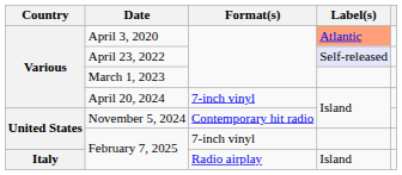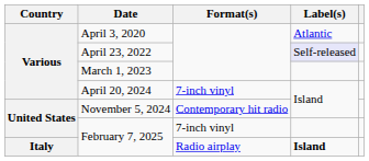 <table class="wikitable plainrowheaders">
 <tr>
 <th scope="col">Country</th>
 <th scope="col">Date</th>
 <th scope="col">Format(s)</th>
 <th scope="col">Label(s)</th>
 <th scope="col"></th>
 </tr>
 <tr>
 <th rowspan="4" scope="row">Various</th>
 <td>April 3, 2020</td>
 <td rowspan="3"></td>
-<td style="background: lightsalmon;"><a href='#'>Atlantic</a></td>
+<td><a href='#'>Atlantic</a></td>
 <td style="text-align:center;"></td>
 </tr>
 <tr>
 <td>April 23, 2022</td>
 <td style="background: lavender;">Self-released</td>
 <td></td>
 </tr>
 <tr>
 <td>March 1, 2023</td>
 <td></td>
 <td></td>
 </tr>
 <tr>
 <td>April 20, 2024</td>
 <td><a href='#'>7-inch vinyl</a></td>
 <td rowspan="2">Island</td>
 <td style="text-align:center;"></td>
 </tr>
 <tr>
 <th scope="row" rowspan="2">United States</th>
 <td>November 5, 2024</td>
 <td><a href='#'>Contemporary hit radio</a></td>
 <td style="text-align:center;"></td>
 </tr>
 <tr>
 <td rowspan="2">February 7, 2025</td>
 <td>7-inch vinyl</td>
 <td></td>
 <td style="text-align:center;"></td>
 </tr>
 <tr>
 <th scope="row">Italy</th>
 <td><a href='#'>Radio airplay</a></td>
-<td>Island</td>
+<td><strong>Island</strong></td>
 <td style="text-align:center;"></td>
 </tr>
 </table>
